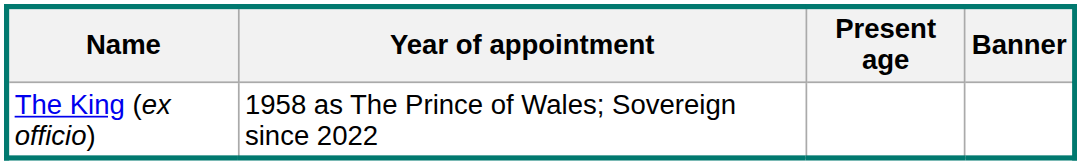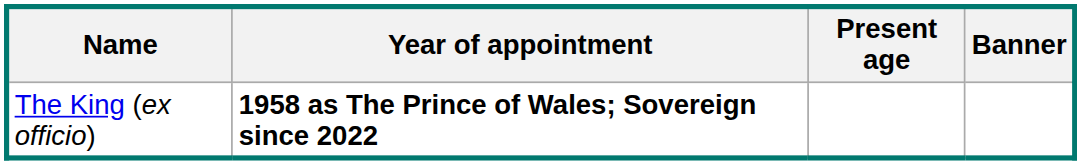 <table class="wikitable" style="width:100%; background:white; border:#01796f solid;">
 <tr>
 <th>Name</th>
 <th>Year of appointment</th>
 <th>Present age</th>
 <th>Banner</th>
 </tr>
 <tr>
 <td><a href='#'>The King</a> (<em>ex officio</em>)</td>
-<td>1958 as The Prince of Wales; Sovereign since 2022</td>
+<td><strong>1958 as The Prince of Wales; Sovereign since 2022</strong></td>
 <td></td>
 <td></td>
 </tr>
 <tr>
 </tr>
 </table>
